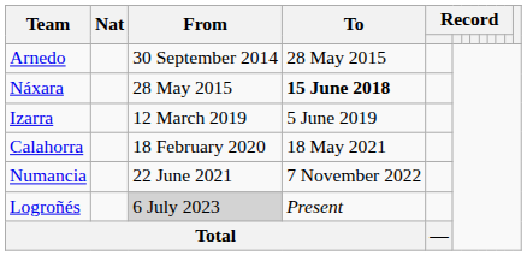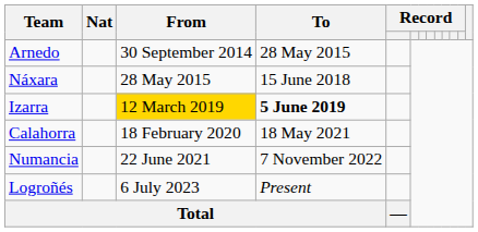 <table class="wikitable" style="text-align: center">
 <tr>
 <th rowspan="2">Team</th>
 <th rowspan="2">Nat</th>
 <th rowspan="2">From</th>
 <th rowspan="2">To</th>
 <th colspan="8">Record</th>
 <th rowspan=2></th>
 </tr>
 <tr>
 <th></th>
 <th></th>
 <th></th>
 <th></th>
 <th></th>
 <th></th>
 <th></th>
 <th></th>
 </tr>
 <tr>
 <td align=left><a href='#'>Arnedo</a></td>
 <td></td>
 <td align=left>30 September 2014</td>
 <td align=left>28 May 2015<br></td>
 <td></td>
 </tr>
 <tr>
 <td align=left><a href='#'>Náxara</a></td>
 <td></td>
 <td align=left>28 May 2015</td>
-<td align=left><strong>15 June 2018<br></strong></td>
+<td align=left>15 June 2018<br></td>
 <td></td>
 </tr>
 <tr>
 <td align=left><a href='#'>Izarra</a></td>
 <td></td>
-<td align=left>12 March 2019</td>
-<td align=left>5 June 2019<br></td>
+<td align=left style="background: gold;">12 March 2019</td>
+<td align=left><strong>5 June 2019<br></strong></td>
 <td></td>
 </tr>
 <tr>
 <td align=left><a href='#'>Calahorra</a></td>
 <td></td>
 <td align=left>18 February 2020</td>
 <td align=left>18 May 2021<br></td>
 <td></td>
 </tr>
 <tr>
 <td align=left><a href='#'>Numancia</a></td>
 <td></td>
 <td align=left>22 June 2021</td>
 <td align=left>7 November 2022<br></td>
 <td></td>
 </tr>
 <tr>
 <td align=left><a href='#'>Logroñés</a></td>
 <td></td>
-<td align=left style="background: lightgrey;">6 July 2023</td>
+<td align=left>6 July 2023</td>
 <td align=left><em>Present</em><br></td>
 <td></td>
 </tr>
 <tr>
 <th colspan="4">Total<br></th>
 <th>—</th>
 </tr>
 </table>
